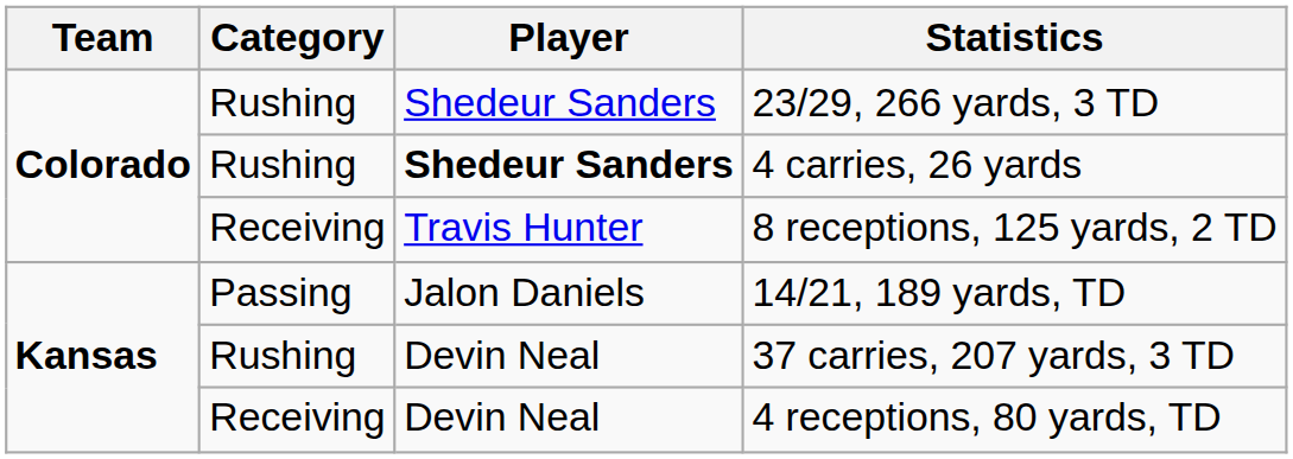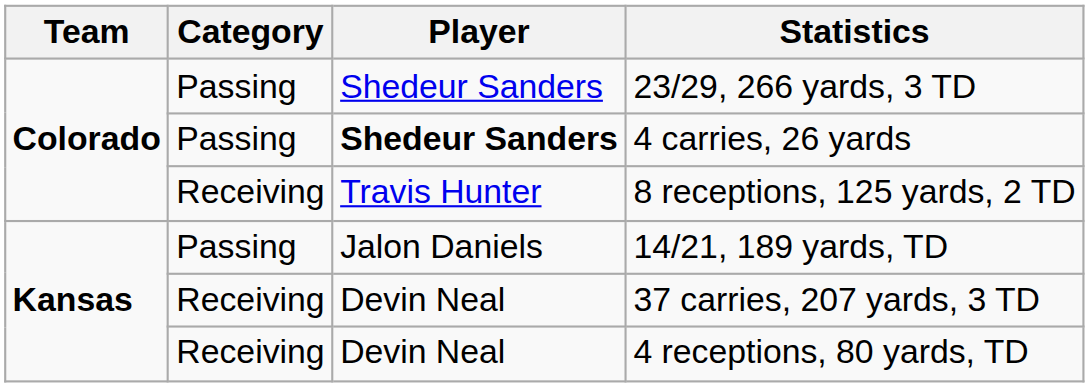 <table class="wikitable" style="float: right;">
 <tr>
 <th>Team</th>
 <th>Category</th>
 <th>Player</th>
 <th>Statistics</th>
 </tr>
 <tr>
 <td rowspan=3><strong>Colorado</strong></td>
-<td>Rushing</td>
+<td>Passing</td>
 <td><a href='#'>Shedeur Sanders</a></td>
 <td>23/29, 266 yards, 3 TD</td>
 </tr>
 <tr>
-<td>Rushing</td>
+<td>Passing</td>
 <td><strong>Shedeur Sanders</strong></td>
 <td>4 carries, 26 yards</td>
 </tr>
 <tr>
 <td>Receiving</td>
 <td><a href='#'>Travis Hunter</a></td>
 <td>8 receptions, 125 yards, 2 TD</td>
 </tr>
 <tr>
 <td rowspan=3><strong>Kansas</strong></td>
 <td>Passing</td>
 <td>Jalon Daniels</td>
 <td>14/21, 189 yards, TD</td>
 </tr>
 <tr>
-<td>Rushing</td>
+<td>Receiving</td>
 <td>Devin Neal</td>
 <td>37 carries, 207 yards, 3 TD</td>
 </tr>
 <tr>
 <td>Receiving</td>
 <td>Devin Neal</td>
 <td>4 receptions, 80 yards, TD</td>
 </tr>
 </table>
